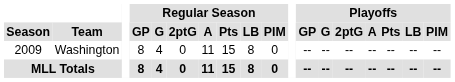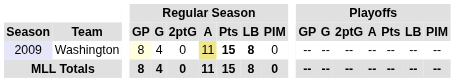 <table BORDER="0" CELLPADDING="3" CELLSPACING="0">
 <tr ALIGN="center" bgcolor="#e0e0e0">
 <th colspan="2" bgcolor="#ffffff"> </th>
 <th rowspan="99" bgcolor="#ffffff"> </th>
 <th colspan="7">Regular Season</th>
 <th rowspan="99" bgcolor="#ffffff"> </th>
 <th colspan="7">Playoffs</th>
 </tr>
 <tr ALIGN="center" bgcolor="#e0e0e0">
 <th>Season</th>
 <th>Team</th>
 <th>GP</th>
 <th>G</th>
 <th>2ptG</th>
 <th>A</th>
 <th>Pts</th>
 <th>LB</th>
 <th>PIM</th>
 <th>GP</th>
 <th>G</th>
 <th>2ptG</th>
 <th>A</th>
 <th>Pts</th>
 <th>LB</th>
 <th>PIM</th>
 </tr>
 <tr ALIGN="center">
-<td>2009</td>
+<td style="background: lavender;">2009</td>
 <td>Washington</td>
-<td>8</td>
+<td style="background: lightyellow;">8</td>
 <td>4</td>
 <td>0</td>
-<td>11</td>
-<td>15</td>
-<td>8</td>
+<td style="background: khaki;">11</td>
+<td><strong>15</strong></td>
+<td><strong>8</strong></td>
 <td>0</td>
 <td>--</td>
 <td>--</td>
 <td>--</td>
 <td>--</td>
 <td>--</td>
 <td>--</td>
 <td>--</td>
 </tr>
 <tr ALIGN="center" bgcolor="#e0e0e0">
 <th colspan="2">MLL Totals</th>
 <th>8</th>
 <th>4</th>
 <th>0</th>
 <th>11</th>
 <th>15</th>
 <th>8</th>
 <th>0</th>
 <th>--</th>
 <th>--</th>
 <th>--</th>
 <th>--</th>
 <th>--</th>
 <th>--</th>
 <th>--</th>
 </tr>
 </table>
